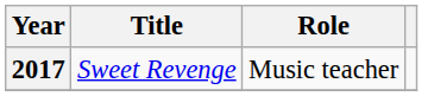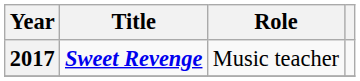 <table class="wikitable  plainrowheaders">
 <tr>
 <th scope="col">Year</th>
 <th scope="col">Title</th>
 <th scope="col">Role</th>
 <th scope="col" class="unsortable"></th>
 </tr>
 <tr>
 <th scope="row">2017</th>
-<td><em><a href='#'>Sweet Revenge</a></em></td>
+<td><strong><em><a href='#'>Sweet Revenge</a></em></strong></td>
 <td>Music teacher</td>
 <td></td>
 </tr>
 <tr>
 </tr>
 </table>
